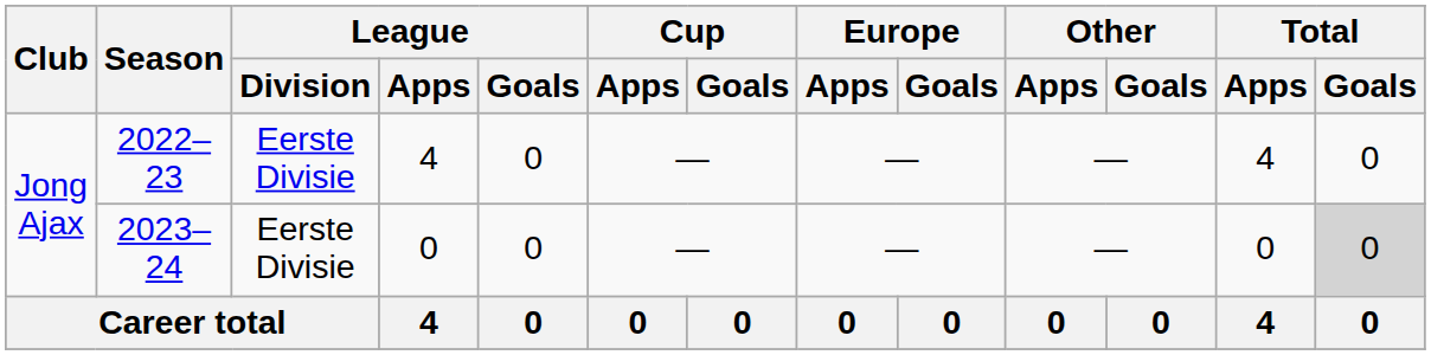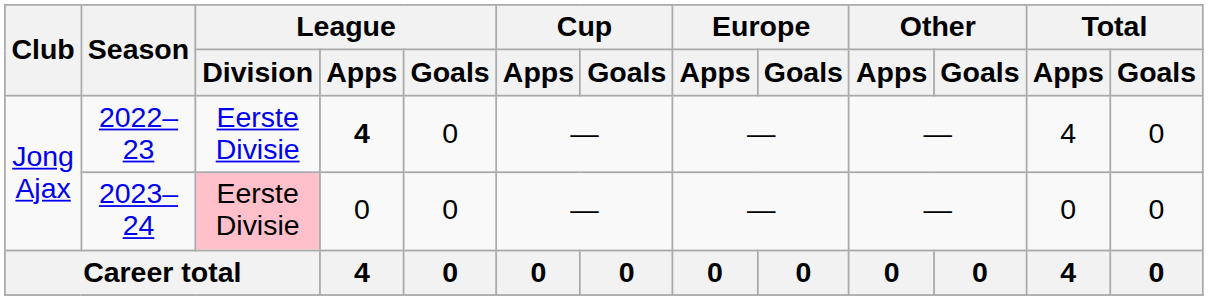 <table class="wikitable" style="text-align: center">
 <tr>
 <th rowspan=2>Club</th>
 <th rowspan=2>Season</th>
 <th colspan=3>League</th>
 <th colspan=2>Cup</th>
 <th colspan=2>Europe</th>
 <th colspan=2>Other</th>
 <th colspan=2>Total</th>
 </tr>
 <tr>
 <th>Division</th>
 <th>Apps</th>
 <th>Goals</th>
 <th>Apps</th>
 <th>Goals</th>
 <th>Apps</th>
 <th>Goals</th>
 <th>Apps</th>
 <th>Goals</th>
 <th>Apps</th>
 <th>Goals</th>
 </tr>
 <tr>
 <td rowspan="2"><a href='#'>Jong Ajax</a></td>
 <td><a href='#'>2022–23</a></td>
 <td><a href='#'>Eerste Divisie</a></td>
-<td>4</td>
+<td><strong>4</strong></td>
 <td>0</td>
 <td colspan="2">—</td>
 <td colspan="2">—</td>
 <td colspan="2">—</td>
 <td>4</td>
 <td>0</td>
 </tr>
 <tr>
 <td><a href='#'>2023–24</a></td>
-<td>Eerste Divisie</td>
+<td style="background: pink;">Eerste Divisie</td>
 <td>0</td>
 <td>0</td>
 <td colspan="2">—</td>
 <td colspan="2">—</td>
 <td colspan="2">—</td>
 <td>0</td>
-<td style="background: lightgrey;">0</td>
+<td>0</td>
 </tr>
 <tr>
 <th colspan="3">Career total</th>
 <th>4</th>
 <th>0</th>
 <th>0</th>
 <th>0</th>
 <th>0</th>
 <th>0</th>
 <th>0</th>
 <th>0</th>
 <th>4</th>
 <th>0</th>
 </tr>
 </table>
